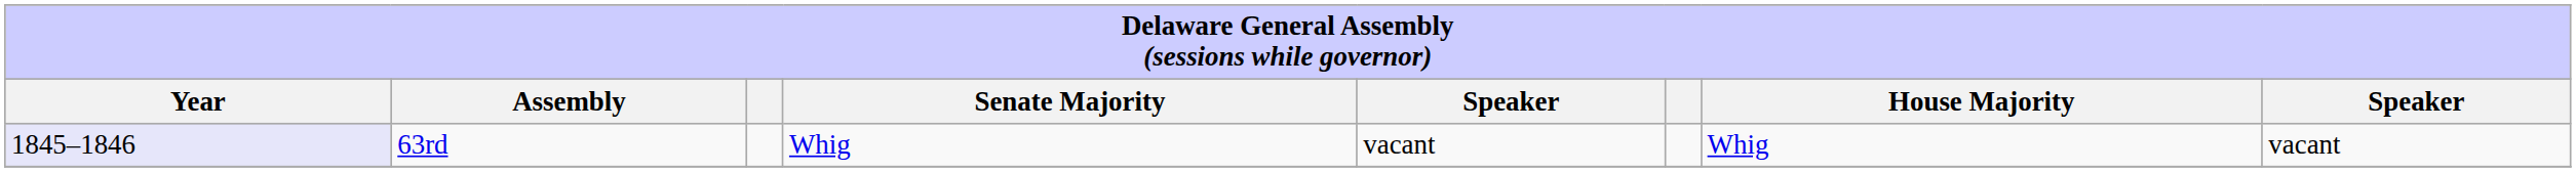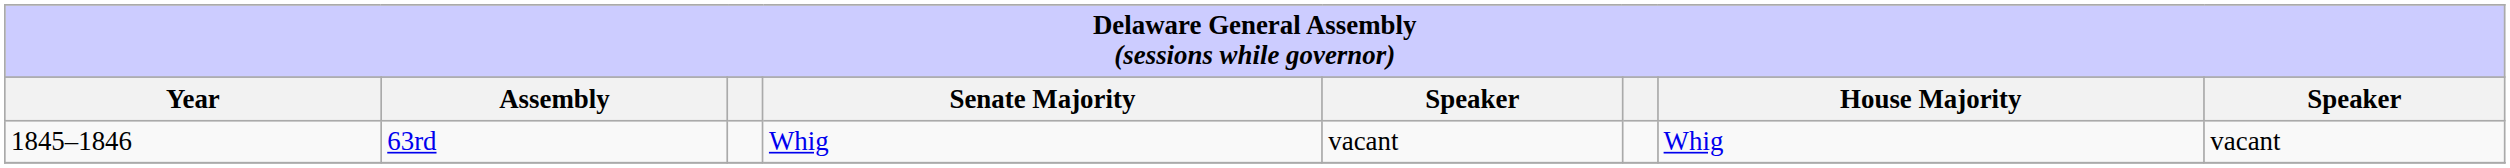 <table class=wikitable style="width: 94%" style="text-align: center;" align="center">
 <tr bgcolor=#cccccc>
 <th colspan=12 style="background: #ccccff;">Delaware General Assembly<br>  <em>(sessions while governor)</em></th>
 </tr>
 <tr>
 <th><strong>Year</strong></th>
 <th><strong>Assembly</strong></th>
 <th></th>
 <th><strong>Senate Majority</strong></th>
 <th><strong>Speaker</strong></th>
 <th></th>
 <th><strong>House Majority</strong></th>
 <th><strong>Speaker</strong></th>
 </tr>
 <tr>
-<td style="background: lavender;">1845–1846</td>
+<td>1845–1846</td>
 <td><a href='#'>63rd</a></td>
 <td></td>
 <td><a href='#'>Whig</a></td>
 <td>vacant</td>
 <td></td>
 <td><a href='#'>Whig</a></td>
 <td>vacant</td>
 </tr>
 <tr>
 </tr>
 </table>
